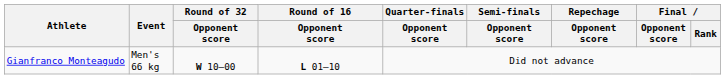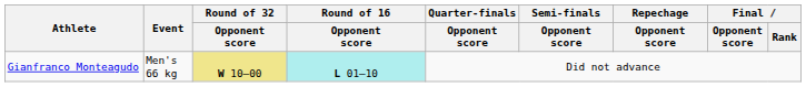 <table class="wikitable" style="font-size:90%; text-align:center">
 <tr>
 <th rowspan="2" width="150">Athlete</th>
 <th rowspan="2" width="50">Event</th>
 <th width="100">Round of 32</th>
 <th width="150">Round of 16</th>
 <th width="100">Quarter-finals</th>
 <th width="100">Semi-finals</th>
 <th width="100">Repechage</th>
 <th colspan="2" width="100">Final / </th>
 </tr>
 <tr>
 <th>Opponent<br>score</th>
 <th>Opponent<br>score</th>
 <th>Opponent<br>score</th>
 <th>Opponent<br>score</th>
 <th>Opponent<br>score</th>
 <th>Opponent<br>score</th>
 <th>Rank</th>
 </tr>
 <tr>
 <td align="left"><a href='#'>Gianfranco Monteagudo</a></td>
 <td align="left">Men's 66 kg</td>
-<td><br><strong>W</strong> 10–00</td>
-<td><br><strong>L</strong> 01–10</td>
+<td style="background: khaki;"><br><strong>W</strong> 10–00</td>
+<td style="background: paleturquoise;"><br><strong>L</strong> 01–10</td>
 <td colspan="5">Did not advance</td>
 </tr>
 </table>
